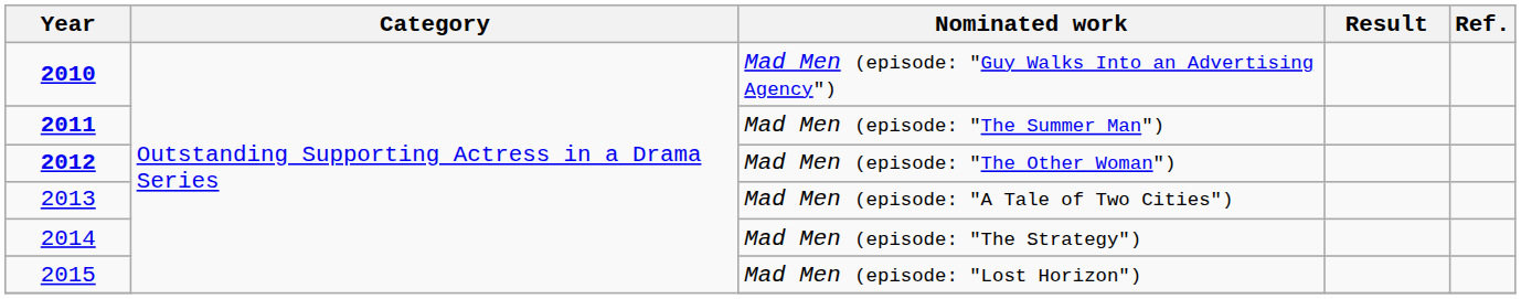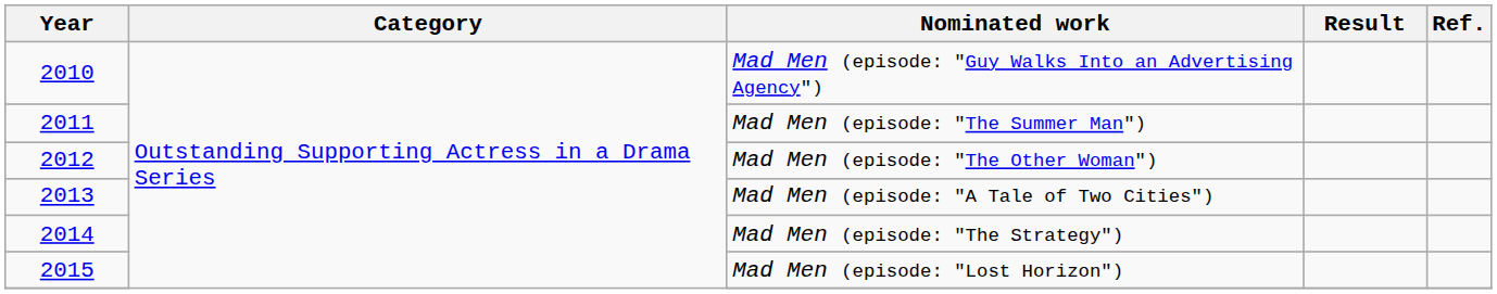 <table class=wikitable>
 <tr>
 <th scope="col" style="width:5em;">Year</th>
 <th scope="col" style="width:26em;">Category</th>
 <th scope="col" style="width:25em;">Nominated work</th>
 <th scope="col" style="width:5em;">Result</th>
 <th>Ref.</th>
 </tr>
 <tr>
-<td style="text-align:center;"><strong><a href='#'>2010</a></strong></td>
+<td style="text-align:center;"><a href='#'>2010</a></td>
 <td rowspan=8><a href='#'>Outstanding Supporting Actress in a Drama Series</a></td>
 <td><em><a href='#'>Mad Men</a></em> <small> (episode: "<a href='#'>Guy Walks Into an Advertising Agency</a>") </small></td>
 <td></td>
 <td align=center></td>
 </tr>
 <tr>
-<td style="text-align:center;"><strong><a href='#'>2011</a></strong></td>
+<td style="text-align:center;"><a href='#'>2011</a></td>
 <td><em>Mad Men</em> <small> (episode: "<a href='#'>The Summer Man</a>") </small></td>
 <td></td>
 <td align=center></td>
 </tr>
 <tr>
-<td style="text-align:center;"><strong><a href='#'>2012</a></strong></td>
+<td style="text-align:center;"><a href='#'>2012</a></td>
 <td><em>Mad Men</em> <small> (episode: "<a href='#'>The Other Woman</a>") </small></td>
 <td></td>
 <td align=center></td>
 </tr>
 <tr>
 <td style="text-align:center;"><a href='#'>2013</a></td>
 <td><em>Mad Men</em> <small> (episode: "A Tale of Two Cities") </small></td>
 <td></td>
 <td align=center></td>
 </tr>
 <tr>
 <td style="text-align:center;"><a href='#'>2014</a></td>
 <td><em>Mad Men</em> <small> (episode: "The Strategy") </small></td>
 <td></td>
 <td align=center></td>
 </tr>
 <tr>
 <td style="text-align:center;"><a href='#'>2015</a></td>
 <td><em>Mad Men</em> <small> (episode: "Lost Horizon") </small></td>
 <td></td>
 <td align=center></td>
 </tr>
 <tr>
 </tr>
 </table>
